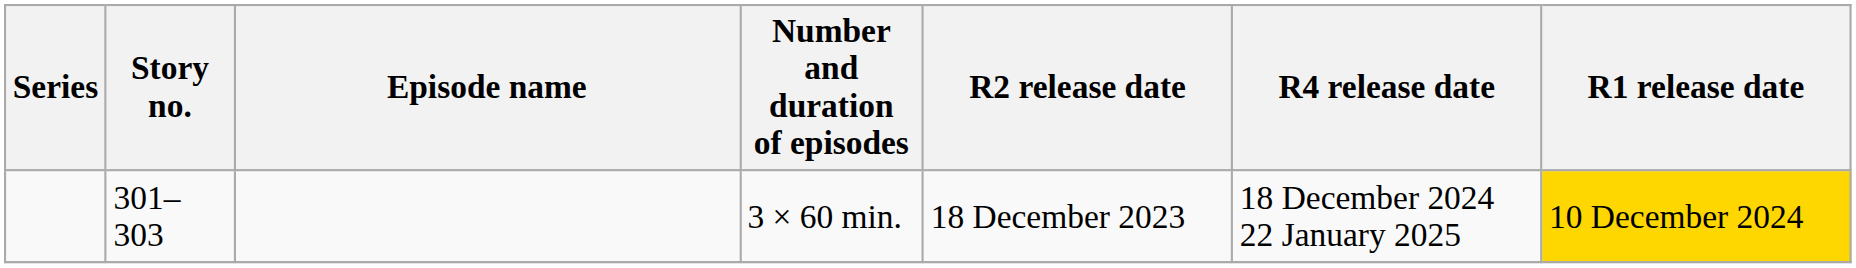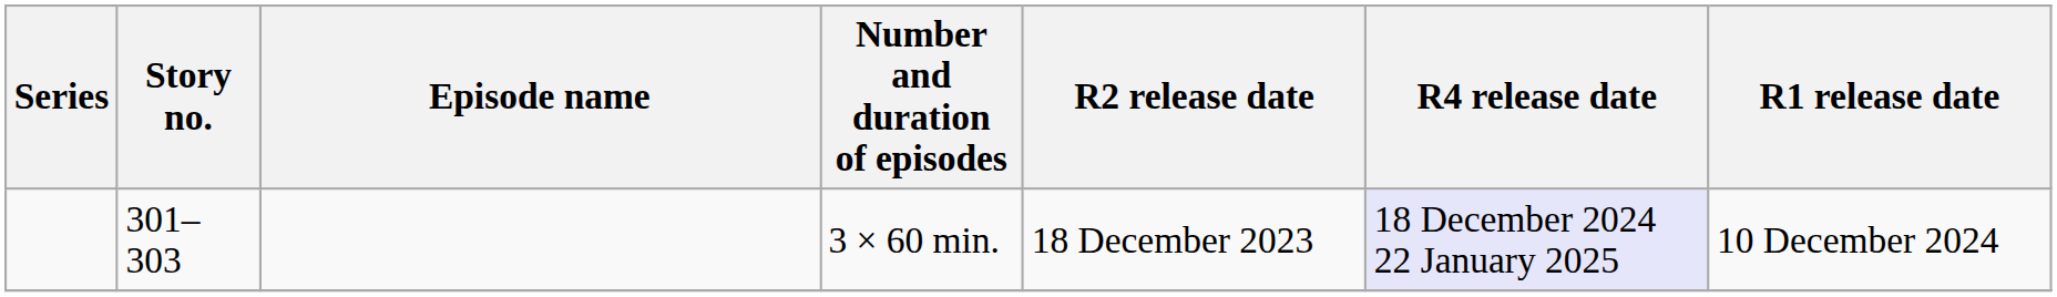 <table class="wikitable sortable" style="width:100%;">
 <tr>
 <th style="width:4%;">Series</th>
 <th style="width:7%;">Story no.</th>
 <th style="width:28%;">Episode name</th>
 <th style="width:10%;">Number and duration<br>of episodes</th>
 <th style="width:17%;">R2 release date</th>
 <th style="width:17%;">R4 release date</th>
 <th style="width:17%;">R1 release date</th>
 </tr>
 <tr>
 <td></td>
 <td>301–303</td>
 <td> </td>
 <td data-sort-value="515">3 × 60 min.</td>
 <td data-sort-value="2023-12-18">18 December 2023<br>  </td>
-<td data-sort-value="2024-12-18">18 December 2024   <br> 22 January 2025  </td>
-<td data-sort-value="2024-12-10" style="background: gold;">10 December 2024<br>  </td>
+<td data-sort-value="2024-12-18" style="background: lavender;">18 December 2024   <br> 22 January 2025  </td>
+<td data-sort-value="2024-12-10">10 December 2024<br>  </td>
 </tr>
 <tr>
 </tr>
 </table>
